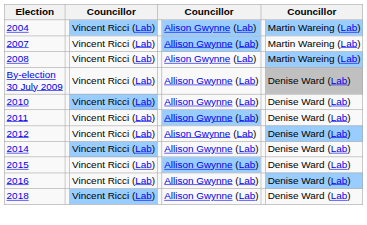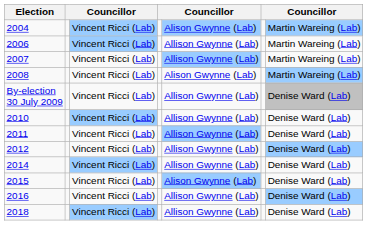 <table class="wikitable">
 <tr>
 <th>Election</th>
 <th colspan="2">Councillor</th>
 <th colspan="2">Councillor</th>
 <th colspan="2">Councillor</th>
 </tr>
 <tr>
 <td><a href='#'>2004</a></td>
 <td style="background-color: "></td>
 <td bgcolor="#99CCFF">Vincent Ricci (<a href='#'>Lab</a>)</td>
 <td style="background-color: "></td>
 <td bgcolor="#99CCFF"><a href='#'>Alison Gwynne</a> (<a href='#'>Lab</a>)</td>
 <td style="background-color: "></td>
 <td bgcolor="#99CCFF">Martin Wareing (<a href='#'>Lab</a>)</td>
+</tr>
+<tr>
+<td><a href='#'>2006</a></td>
+<td style="background-color: "></td>
+<td bgcolor="#99CCFF">Vincent Ricci (<a href='#'>Lab</a>)</td>
+<td style="background-color: "></td>
+<td><a href='#'>Allison Gwynne</a> (<a href='#'>Lab</a>)</td>
+<td style="background-color: "></td>
+<td>Martin Wareing (<a href='#'>Lab</a>)</td>
 </tr>
 <tr>
 <td><a href='#'>2007</a></td>
 <td style="background-color: "></td>
 <td>Vincent Ricci (<a href='#'>Lab</a>)</td>
 <td style="background-color: "></td>
 <td bgcolor="#99CCFF"><a href='#'>Allison Gwynne</a> (<a href='#'>Lab</a>)</td>
 <td style="background-color: "></td>
 <td>Martin Wareing (<a href='#'>Lab</a>)</td>
 </tr>
 <tr>
 <td><a href='#'>2008</a></td>
 <td style="background-color: "></td>
 <td>Vincent Ricci (<a href='#'>Lab</a>)</td>
 <td style="background-color: "></td>
 <td><a href='#'>Alison Gwynne</a> (<a href='#'>Lab</a>)</td>
 <td style="background-color: "></td>
 <td bgcolor="#99CCFF">Martin Wareing (<a href='#'>Lab</a>)</td>
 </tr>
 <tr>
 <td><a href='#'>By-election<br>30 July 2009</a></td>
 <td style="background-color: "></td>
 <td>Vincent Ricci (<a href='#'>Lab</a>)</td>
 <td style="background-color: "></td>
 <td><a href='#'>Allison Gwynne</a> (<a href='#'>Lab</a>)</td>
 <td style="background-color: "></td>
 <td bgcolor="#C0C0C0">Denise Ward (<a href='#'>Lab</a>)</td>
 </tr>
 <tr>
 <td><a href='#'>2010</a></td>
 <td style="background-color: "></td>
 <td bgcolor="#99CCFF">Vincent Ricci (<a href='#'>Lab</a>)</td>
 <td style="background-color: "></td>
 <td><a href='#'>Allison Gwynne</a> (<a href='#'>Lab</a>)</td>
 <td style="background-color: "></td>
 <td>Denise Ward (<a href='#'>Lab</a>)</td>
 </tr>
 <tr>
 <td><a href='#'>2011</a></td>
 <td style="background-color: "></td>
 <td>Vincent Ricci (<a href='#'>Lab</a>)</td>
 <td style="background-color: "></td>
 <td bgcolor="#99CCFF"><a href='#'>Allison Gwynne</a> (<a href='#'>Lab</a>)</td>
 <td style="background-color: "></td>
 <td>Denise Ward (<a href='#'>Lab</a>)</td>
 </tr>
 <tr>
 <td><a href='#'>2012</a></td>
 <td style="background-color: "></td>
 <td>Vincent Ricci (<a href='#'>Lab</a>)</td>
 <td style="background-color: "></td>
-<td><a href='#'>Alison Gwynne</a> (<a href='#'>Lab</a>)</td>
+<td><a href='#'>Allison Gwynne</a> (<a href='#'>Lab</a>)</td>
 <td style="background-color: "></td>
 <td bgcolor="#99CCFF">Denise Ward (<a href='#'>Lab</a>)</td>
 </tr>
 <tr>
 <td><a href='#'>2014</a></td>
 <td style="background-color: "></td>
 <td bgcolor="#99CCFF">Vincent Ricci (<a href='#'>Lab</a>)</td>
 <td style="background-color: "></td>
 <td><a href='#'>Allison Gwynne</a> (<a href='#'>Lab</a>)</td>
 <td style="background-color: "></td>
 <td>Denise Ward (<a href='#'>Lab</a>)</td>
 </tr>
 <tr>
 <td><a href='#'>2015</a></td>
 <td style="background-color: "></td>
 <td>Vincent Ricci (<a href='#'>Lab</a>)</td>
 <td style="background-color: "></td>
-<td bgcolor="#99CCFF"><a href='#'>Allison Gwynne</a> (<a href='#'>Lab</a>)</td>
+<td bgcolor="#99CCFF"><a href='#'>Alison Gwynne</a> (<a href='#'>Lab</a>)</td>
 <td style="background-color: "></td>
 <td>Denise Ward (<a href='#'>Lab</a>)</td>
 </tr>
 <tr>
 <td><a href='#'>2016</a></td>
 <td style="background-color: "></td>
 <td>Vincent Ricci (<a href='#'>Lab</a>)</td>
 <td style="background-color: "></td>
 <td><a href='#'>Allison Gwynne</a> (<a href='#'>Lab</a>)</td>
 <td style="background-color: "></td>
 <td bgcolor="#99CCFF">Denise Ward (<a href='#'>Lab</a>)</td>
 </tr>
 <tr>
 <td><a href='#'>2018</a></td>
 <td style="background-color: "></td>
 <td bgcolor="#99CCFF">Vincent Ricci (<a href='#'>Lab</a>)</td>
 <td style="background-color: "></td>
 <td><a href='#'>Allison Gwynne</a> (<a href='#'>Lab</a>)</td>
 <td style="background-color: "></td>
 <td>Denise Ward (<a href='#'>Lab</a>)</td>
 </tr>
 </table>
